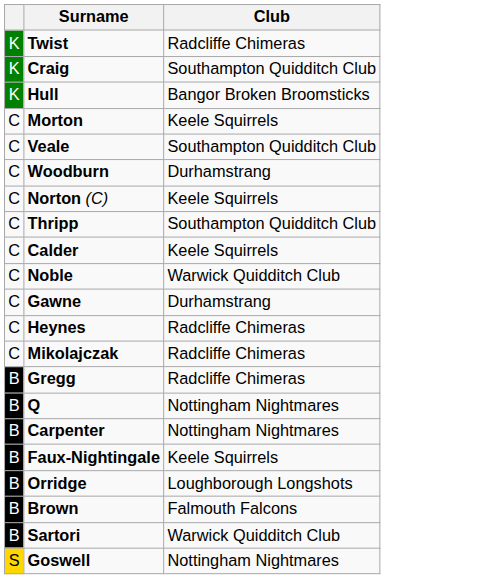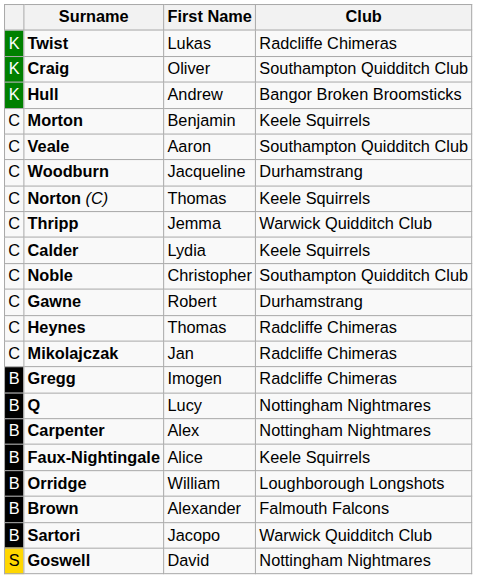 <table class="wikitable sortable mw-collapsible mw-collapsed">
 <tr>
 <th></th>
 <th>Surname</th>
+<th>First Name</th>
 <th>Club</th>
 </tr>
 <tr>
 <td style="text-align:center; background:Green; color:white">K</td>
 <td><strong>Twist</strong></td>
+<td>Lukas</td>
 <td>Radcliffe Chimeras</td>
 </tr>
 <tr>
 <td style="text-align:center; background:Green; color:white">K</td>
 <td><strong>Craig</strong></td>
+<td>Oliver</td>
 <td>Southampton Quidditch Club</td>
 </tr>
 <tr>
 <td style="text-align:center; background:Green; color:white">K</td>
 <td><strong>Hull</strong></td>
+<td>Andrew</td>
 <td>Bangor Broken Broomsticks</td>
 </tr>
 <tr>
 <td>C</td>
 <td><strong>Morton</strong></td>
+<td>Benjamin</td>
 <td>Keele Squirrels</td>
 </tr>
 <tr>
 <td>C</td>
 <td><strong>Veale</strong></td>
+<td>Aaron</td>
 <td>Southampton Quidditch Club</td>
 </tr>
 <tr>
 <td>C</td>
 <td><strong>Woodburn</strong></td>
+<td>Jacqueline</td>
 <td>Durhamstrang</td>
 </tr>
 <tr>
 <td>C</td>
 <td><strong>Norton</strong> <em>(C)</em></td>
+<td>Thomas</td>
 <td>Keele Squirrels</td>
 </tr>
 <tr>
 <td>C</td>
 <td><strong>Thripp</strong></td>
-<td>Southampton Quidditch Club</td>
+<td>Jemma</td>
+<td>Warwick Quidditch Club</td>
 </tr>
 <tr>
 <td>C</td>
 <td><strong>Calder</strong></td>
+<td>Lydia</td>
 <td>Keele Squirrels</td>
 </tr>
 <tr>
 <td>C</td>
 <td><strong>Noble</strong></td>
-<td>Warwick Quidditch Club</td>
+<td>Christopher</td>
+<td>Southampton Quidditch Club</td>
 </tr>
 <tr>
 <td>C</td>
 <td><strong>Gawne</strong></td>
+<td>Robert</td>
 <td>Durhamstrang</td>
 </tr>
 <tr>
 <td>C</td>
 <td><strong>Heynes</strong></td>
+<td>Thomas</td>
 <td>Radcliffe Chimeras</td>
 </tr>
 <tr>
 <td>C</td>
 <td><strong>Mikolajczak</strong></td>
+<td>Jan</td>
 <td>Radcliffe Chimeras</td>
 </tr>
 <tr>
 <td style="text-align:center; background:Black; color:white">B</td>
 <td><strong>Gregg</strong></td>
+<td>Imogen</td>
 <td>Radcliffe Chimeras</td>
 </tr>
 <tr>
 <td style="text-align:center; background:Black; color:white">B</td>
 <td><strong>Q</strong></td>
+<td>Lucy</td>
 <td>Nottingham Nightmares</td>
 </tr>
 <tr>
 <td style="text-align:center; background:Black; color:white">B</td>
 <td><strong>Carpenter</strong></td>
+<td>Alex</td>
 <td>Nottingham Nightmares</td>
 </tr>
 <tr>
 <td style="text-align:center; background:Black; color:white">B</td>
 <td><strong>Faux-Nightingale</strong></td>
+<td>Alice</td>
 <td>Keele Squirrels</td>
 </tr>
 <tr>
 <td style="text-align:center; background:Black; color:white">B</td>
 <td><strong>Orridge</strong></td>
+<td>William</td>
 <td>Loughborough Longshots</td>
 </tr>
 <tr>
 <td style="text-align:center; background:Black; color:white">B</td>
 <td><strong>Brown</strong></td>
+<td>Alexander</td>
 <td>Falmouth Falcons</td>
 </tr>
 <tr>
 <td style="text-align:center; background:Black; color:white">B</td>
 <td><strong>Sartori</strong></td>
+<td>Jacopo</td>
 <td>Warwick Quidditch Club</td>
 </tr>
 <tr>
 <td style="text-align:center; background:Gold">S</td>
 <td><strong>Goswell</strong></td>
+<td>David</td>
 <td>Nottingham Nightmares</td>
 </tr>
 </table>
